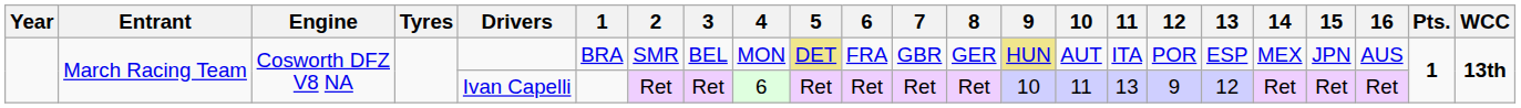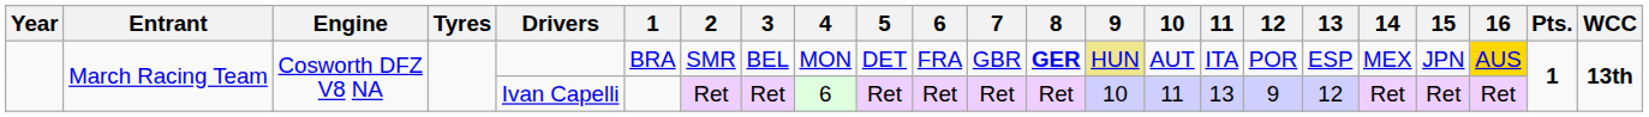 <table class="wikitable" style="text-align:center; font-size:95%">
 <tr>
 <th>Year</th>
 <th>Entrant</th>
 <th>Engine</th>
 <th>Tyres</th>
 <th>Drivers</th>
 <th>1</th>
 <th>2</th>
 <th>3</th>
 <th>4</th>
 <th>5</th>
 <th>6</th>
 <th>7</th>
 <th>8</th>
 <th>9</th>
 <th>10</th>
 <th>11</th>
 <th>12</th>
 <th>13</th>
 <th>14</th>
 <th>15</th>
 <th>16</th>
 <th>Pts.</th>
 <th>WCC</th>
 </tr>
 <tr>
 <td rowspan="2"></td>
 <td rowspan="2"><a href='#'>March Racing Team</a></td>
 <td rowspan="2"><a href='#'>Cosworth DFZ</a><br><a href='#'>V8</a> <a href='#'>NA</a></td>
 <td rowspan="2"></td>
 <td></td>
 <td><a href='#'>BRA</a></td>
 <td><a href='#'>SMR</a></td>
 <td><a href='#'>BEL</a></td>
 <td><a href='#'>MON</a></td>
-<td style="background: khaki;"><a href='#'>DET</a></td>
+<td><a href='#'>DET</a></td>
 <td><a href='#'>FRA</a></td>
 <td><a href='#'>GBR</a></td>
-<td><a href='#'>GER</a></td>
+<td><strong><a href='#'>GER</a></strong></td>
 <td style="background: khaki;"><a href='#'>HUN</a></td>
 <td><a href='#'>AUT</a></td>
 <td><a href='#'>ITA</a></td>
 <td><a href='#'>POR</a></td>
 <td><a href='#'>ESP</a></td>
 <td><a href='#'>MEX</a></td>
 <td><a href='#'>JPN</a></td>
-<td><a href='#'>AUS</a></td>
+<td style="background: gold;"><a href='#'>AUS</a></td>
 <td rowspan="2"><strong>1</strong></td>
 <td rowspan="2"><strong>13th</strong></td>
 </tr>
 <tr>
 <td align="left"><a href='#'>Ivan Capelli</a></td>
 <td></td>
 <td style="background:#efcfff;">Ret</td>
 <td style="background:#efcfff;">Ret</td>
 <td style="background:#dfffdf;">6</td>
 <td style="background:#efcfff;">Ret</td>
 <td style="background:#efcfff;">Ret</td>
 <td style="background:#efcfff;">Ret</td>
 <td style="background:#efcfff;">Ret</td>
 <td style="background:#cfcfff;">10</td>
 <td style="background:#cfcfff;">11</td>
 <td style="background:#cfcfff;">13</td>
 <td style="background:#cfcfff;">9</td>
 <td style="background:#cfcfff;">12</td>
 <td style="background:#efcfff;">Ret</td>
 <td style="background:#efcfff;">Ret</td>
 <td style="background:#efcfff;">Ret</td>
 </tr>
 </table>
